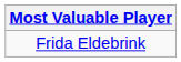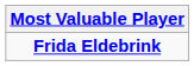 <table class=wikitable style="text-align:center; margin:auto">
 <tr>
 <th><a href='#'>Most Valuable Player</a></th>
 </tr>
 <tr>
-<td> <a href='#'>Frida Eldebrink</a></td>
+<td><strong> <a href='#'>Frida Eldebrink</a></strong></td>
 </tr>
 </table>
